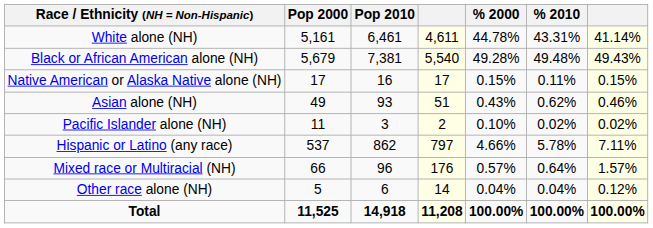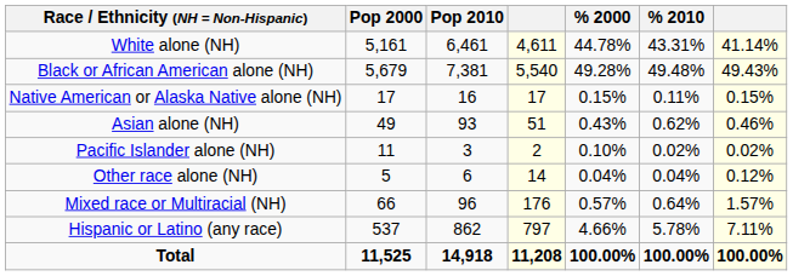 <table class="wikitable" style="text-align:center;">
 <tr>
 <th>Race / Ethnicity <small>(<em>NH = Non-Hispanic</em>)</small></th>
 <th>Pop 2000</th>
 <th>Pop 2010</th>
 <th></th>
 <th>% 2000</th>
 <th>% 2010</th>
 <th></th>
 </tr>
 <tr>
 <td><a href='#'>White</a> alone (NH)</td>
 <td>5,161</td>
 <td>6,461</td>
 <td style='background: #ffffe6;'>4,611</td>
 <td>44.78%</td>
 <td>43.31%</td>
 <td style='background: #ffffe6;'>41.14%</td>
 </tr>
 <tr>
 <td><a href='#'>Black or African American</a> alone (NH)</td>
 <td>5,679</td>
 <td>7,381</td>
 <td style='background: #ffffe6;'>5,540</td>
 <td>49.28%</td>
 <td>49.48%</td>
 <td style='background: #ffffe6;'>49.43%</td>
 </tr>
 <tr>
 <td><a href='#'>Native American</a> or <a href='#'>Alaska Native</a> alone (NH)</td>
 <td>17</td>
 <td>16</td>
 <td style='background: #ffffe6;'>17</td>
 <td>0.15%</td>
 <td>0.11%</td>
 <td style='background: #ffffe6;'>0.15%</td>
 </tr>
 <tr>
 <td><a href='#'>Asian</a> alone (NH)</td>
 <td>49</td>
 <td>93</td>
 <td style='background: #ffffe6;'>51</td>
 <td>0.43%</td>
 <td>0.62%</td>
 <td style='background: #ffffe6;'>0.46%</td>
 </tr>
 <tr>
 <td><a href='#'>Pacific Islander</a> alone (NH)</td>
 <td>11</td>
 <td>3</td>
 <td style='background: #ffffe6;'>2</td>
 <td>0.10%</td>
 <td>0.02%</td>
 <td style='background: #ffffe6;'>0.02%</td>
 </tr>
 <tr>
-<td><a href='#'>Hispanic or Latino</a> (any race)</td>
-<td>537</td>
-<td>862</td>
-<td style='background: #ffffe6;'>797</td>
-<td>4.66%</td>
-<td>5.78%</td>
-<td style='background: #ffffe6;'>7.11%</td>
+<td><a href='#'>Other race</a> alone (NH)</td>
+<td>5</td>
+<td>6</td>
+<td style='background: #ffffe6;'>14</td>
+<td>0.04%</td>
+<td>0.04%</td>
+<td style='background: #ffffe6;'>0.12%</td>
 </tr>
 <tr>
 <td><a href='#'>Mixed race or Multiracial</a> (NH)</td>
 <td>66</td>
 <td>96</td>
 <td style='background: #ffffe6;'>176</td>
 <td>0.57%</td>
 <td>0.64%</td>
 <td style='background: #ffffe6;'>1.57%</td>
 </tr>
 <tr>
-<td><a href='#'>Other race</a> alone (NH)</td>
-<td>5</td>
-<td>6</td>
-<td style='background: #ffffe6;'>14</td>
-<td>0.04%</td>
-<td>0.04%</td>
-<td style='background: #ffffe6;'>0.12%</td>
+<td><a href='#'>Hispanic or Latino</a> (any race)</td>
+<td>537</td>
+<td>862</td>
+<td style='background: #ffffe6;'>797</td>
+<td>4.66%</td>
+<td>5.78%</td>
+<td style='background: #ffffe6;'>7.11%</td>
 </tr>
 <tr>
 <td><strong>Total</strong></td>
 <td><strong>11,525</strong></td>
 <td><strong>14,918</strong></td>
 <td style='background: #ffffe6;'><strong>11,208</strong></td>
 <td><strong>100.00%</strong></td>
 <td><strong>100.00%</strong></td>
 <td style='background: #ffffe6;'><strong>100.00%</strong></td>
 </tr>
 </table>
